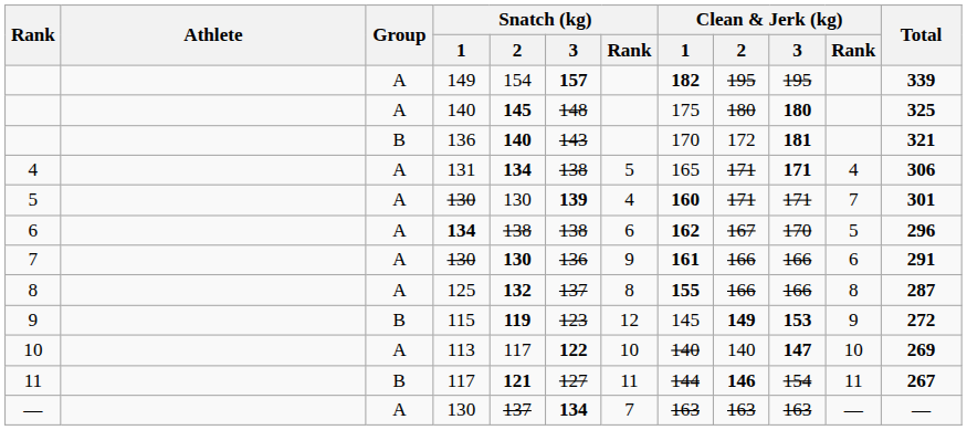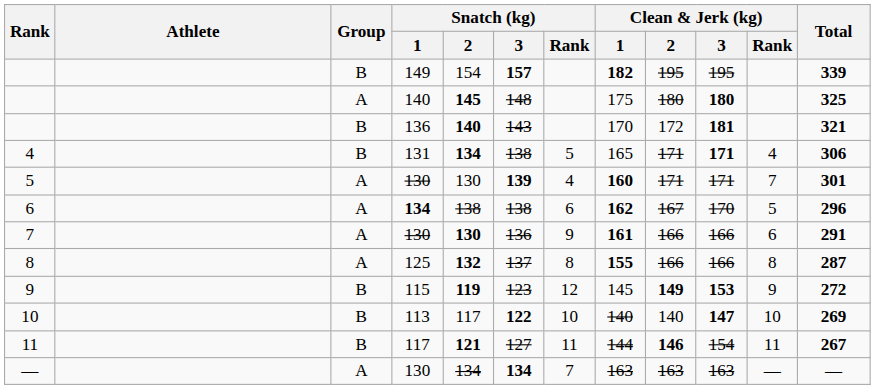 <table class = "wikitable" style="text-align:center;">
 <tr>
 <th rowspan=2 width=40>Rank</th>
 <th rowspan=2 width=250>Athlete</th>
 <th rowspan=2 width=50>Group</th>
 <th colspan=4>Snatch (kg)</th>
 <th colspan=4>Clean & Jerk (kg)</th>
 <th rowspan=2 width=60>Total</th>
 </tr>
 <tr>
 <th width=40>1</th>
 <th width=40>2</th>
 <th width=40>3</th>
 <th width=40>Rank</th>
 <th width=40>1</th>
 <th width=40>2</th>
 <th width=40>3</th>
 <th width=40>Rank</th>
 </tr>
 <tr>
 <td></td>
 <td align=left></td>
-<td>A</td>
+<td>B</td>
 <td>149</td>
 <td>154</td>
 <td><strong>157</strong></td>
 <td></td>
 <td><strong>182</strong></td>
 <td><s>195</s></td>
 <td><s>195</s></td>
 <td></td>
 <td><strong>339</strong></td>
 </tr>
 <tr>
 <td></td>
 <td align=left></td>
 <td>A</td>
 <td>140</td>
 <td><strong>145</strong></td>
 <td><s>148</s></td>
 <td></td>
 <td>175</td>
 <td><s>180</s></td>
 <td><strong>180</strong></td>
 <td></td>
 <td><strong>325</strong></td>
 </tr>
 <tr>
 <td></td>
 <td align=left></td>
 <td>B</td>
 <td>136</td>
 <td><strong>140</strong></td>
 <td><s>143</s></td>
 <td></td>
 <td>170</td>
 <td>172</td>
 <td><strong>181</strong></td>
 <td></td>
 <td><strong>321</strong></td>
 </tr>
 <tr>
 <td>4</td>
 <td align=left></td>
-<td>A</td>
+<td>B</td>
 <td>131</td>
 <td><strong>134</strong></td>
 <td><s>138</s></td>
 <td>5</td>
 <td>165</td>
 <td><s>171</s></td>
 <td><strong>171</strong></td>
 <td>4</td>
 <td><strong>306</strong></td>
 </tr>
 <tr>
 <td>5</td>
 <td align=left></td>
 <td>A</td>
 <td><s>130</s></td>
 <td>130</td>
 <td><strong>139</strong></td>
 <td>4</td>
 <td><strong>160</strong></td>
 <td><s>171</s></td>
 <td><s>171</s></td>
 <td>7</td>
 <td><strong>301</strong></td>
 </tr>
 <tr>
 <td>6</td>
 <td align=left></td>
 <td>A</td>
 <td><strong>134</strong></td>
 <td><s>138</s></td>
 <td><s>138</s></td>
 <td>6</td>
 <td><strong>162</strong></td>
 <td><s>167</s></td>
 <td><s>170</s></td>
 <td>5</td>
 <td><strong>296</strong></td>
 </tr>
 <tr>
 <td>7</td>
 <td align=left></td>
 <td>A</td>
 <td><s>130</s></td>
 <td><strong>130</strong></td>
 <td><s>136</s></td>
 <td>9</td>
 <td><strong>161</strong></td>
 <td><s>166</s></td>
 <td><s>166</s></td>
 <td>6</td>
 <td><strong>291</strong></td>
 </tr>
 <tr>
 <td>8</td>
 <td align=left></td>
 <td>A</td>
 <td>125</td>
 <td><strong>132</strong></td>
 <td><s>137</s></td>
 <td>8</td>
 <td><strong>155</strong></td>
 <td><s>166</s></td>
 <td><s>166</s></td>
 <td>8</td>
 <td><strong>287</strong></td>
 </tr>
 <tr>
 <td>9</td>
 <td align=left></td>
 <td>B</td>
 <td>115</td>
 <td><strong>119</strong></td>
 <td><s>123</s></td>
 <td>12</td>
 <td>145</td>
 <td><strong>149</strong></td>
 <td><strong>153</strong></td>
 <td>9</td>
 <td><strong>272</strong></td>
 </tr>
 <tr>
 <td>10</td>
 <td align=left></td>
-<td>A</td>
+<td>B</td>
 <td>113</td>
 <td>117</td>
 <td><strong>122</strong></td>
 <td>10</td>
 <td><s>140</s></td>
 <td>140</td>
 <td><strong>147</strong></td>
 <td>10</td>
 <td><strong>269</strong></td>
 </tr>
 <tr>
 <td>11</td>
 <td align=left></td>
 <td>B</td>
 <td>117</td>
 <td><strong>121</strong></td>
 <td><s>127</s></td>
 <td>11</td>
 <td><s>144</s></td>
 <td><strong>146</strong></td>
 <td><s>154</s></td>
 <td>11</td>
 <td><strong>267</strong></td>
 </tr>
 <tr>
 <td>—</td>
 <td align=left></td>
 <td>A</td>
 <td>130</td>
-<td><s>137</s></td>
+<td><s>134</s></td>
 <td><strong>134</strong></td>
 <td>7</td>
 <td><s>163</s></td>
 <td><s>163</s></td>
 <td><s>163</s></td>
 <td>—</td>
 <td>—</td>
 </tr>
 </table>
